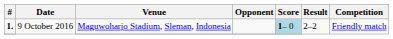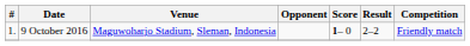 <table class="wikitable collapsible collapsed"  style="font-size:85%;">
 <tr>
 <th>#</th>
 <th>Date</th>
 <th>Venue</th>
 <th>Opponent</th>
 <th>Score</th>
 <th>Result</th>
 <th>Competition</th>
 </tr>
 <tr>
-<td><strong>1.</strong></td>
+<td>1.</td>
 <td rowspan="2">9 October 2016</td>
 <td rowspan="1"><a href='#'>Maguwoharjo Stadium</a>, <a href='#'>Sleman</a>, <a href='#'>Indonesia</a></td>
 <td rowspan="1"></td>
-<td style="background: lightblue;"><strong>1</strong>– 0</td>
+<td><strong>1</strong>– 0</td>
 <td rowspan="2">2–2</td>
 <td rowspan="2"><a href='#'>Friendly match</a></td>
 </tr>
 <tr>
 </tr>
 </table>
